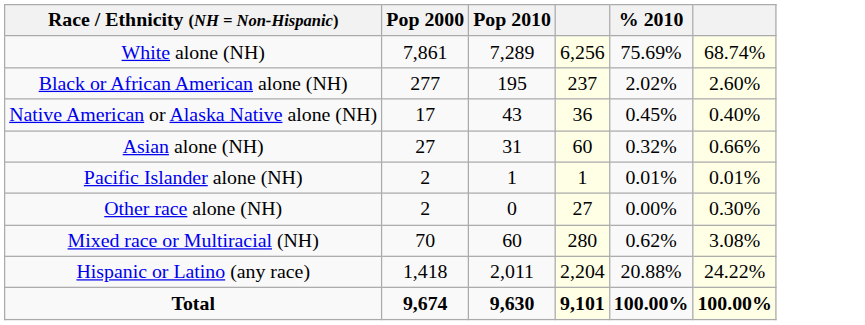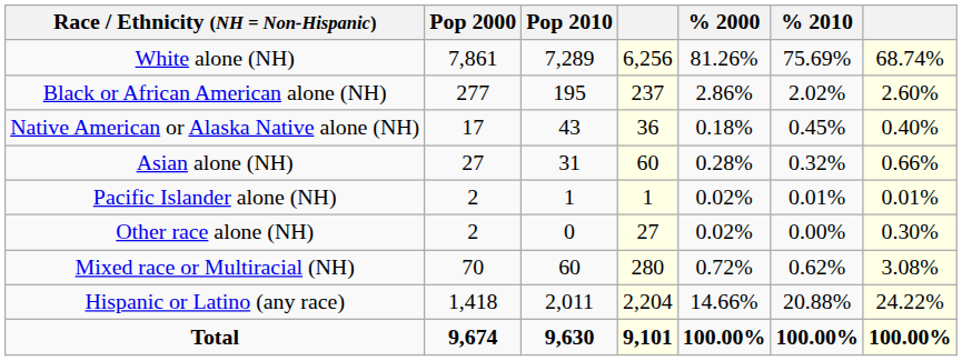 <table class="wikitable" style="text-align:center;">
 <tr>
 <th>Race / Ethnicity <small>(<em>NH = Non-Hispanic</em>)</small></th>
 <th>Pop 2000</th>
 <th>Pop 2010</th>
 <th></th>
+<th>% 2000</th>
 <th>% 2010</th>
 <th></th>
 </tr>
 <tr>
 <td><a href='#'>White</a> alone (NH)</td>
 <td>7,861</td>
 <td>7,289</td>
 <td style='background: #ffffe6;'>6,256</td>
+<td>81.26%</td>
 <td>75.69%</td>
 <td style='background: #ffffe6;'>68.74%</td>
 </tr>
 <tr>
 <td><a href='#'>Black or African American</a> alone (NH)</td>
 <td>277</td>
 <td>195</td>
 <td style='background: #ffffe6;'>237</td>
+<td>2.86%</td>
 <td>2.02%</td>
 <td style='background: #ffffe6;'>2.60%</td>
 </tr>
 <tr>
 <td><a href='#'>Native American</a> or <a href='#'>Alaska Native</a> alone (NH)</td>
 <td>17</td>
 <td>43</td>
 <td style='background: #ffffe6;'>36</td>
+<td>0.18%</td>
 <td>0.45%</td>
 <td style='background: #ffffe6;'>0.40%</td>
 </tr>
 <tr>
 <td><a href='#'>Asian</a> alone (NH)</td>
 <td>27</td>
 <td>31</td>
 <td style='background: #ffffe6;'>60</td>
+<td>0.28%</td>
 <td>0.32%</td>
 <td style='background: #ffffe6;'>0.66%</td>
 </tr>
 <tr>
 <td><a href='#'>Pacific Islander</a> alone (NH)</td>
 <td>2</td>
 <td>1</td>
 <td style='background: #ffffe6;'>1</td>
+<td>0.02%</td>
 <td>0.01%</td>
 <td style='background: #ffffe6;'>0.01%</td>
 </tr>
 <tr>
 <td><a href='#'>Other race</a> alone (NH)</td>
 <td>2</td>
 <td>0</td>
 <td style='background: #ffffe6;'>27</td>
+<td>0.02%</td>
 <td>0.00%</td>
 <td style='background: #ffffe6;'>0.30%</td>
 </tr>
 <tr>
 <td><a href='#'>Mixed race or Multiracial</a> (NH)</td>
 <td>70</td>
 <td>60</td>
 <td style='background: #ffffe6;'>280</td>
+<td>0.72%</td>
 <td>0.62%</td>
 <td style='background: #ffffe6;'>3.08%</td>
 </tr>
 <tr>
 <td><a href='#'>Hispanic or Latino</a> (any race)</td>
 <td>1,418</td>
 <td>2,011</td>
 <td style='background: #ffffe6;'>2,204</td>
+<td>14.66%</td>
 <td>20.88%</td>
 <td style='background: #ffffe6;'>24.22%</td>
 </tr>
 <tr>
 <td><strong>Total</strong></td>
 <td><strong>9,674</strong></td>
 <td><strong>9,630</strong></td>
 <td style='background: #ffffe6;'><strong>9,101</strong></td>
 <td><strong>100.00%</strong></td>
+<td><strong>100.00%</strong></td>
 <td style='background: #ffffe6;'><strong>100.00%</strong></td>
 </tr>
 </table>
